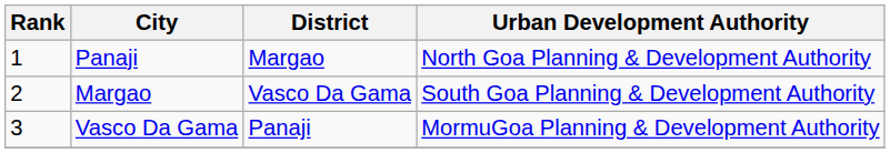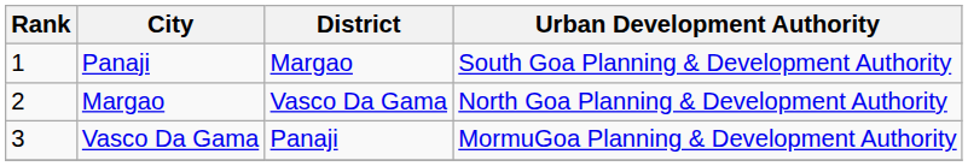 <table class="wikitable sortable">
 <tr>
 <th>Rank</th>
 <th>City</th>
 <th>District</th>
 <th>Urban Development Authority</th>
 </tr>
 <tr>
 <td>1</td>
 <td><a href='#'>Panaji</a></td>
 <td><a href='#'>Margao</a></td>
-<td><a href='#'>North Goa Planning & Development Authority</a></td>
+<td><a href='#'>South Goa Planning & Development Authority</a></td>
 </tr>
 <tr>
 <td>2</td>
 <td><a href='#'>Margao</a></td>
 <td><a href='#'>Vasco Da Gama</a></td>
-<td><a href='#'>South Goa Planning & Development Authority</a></td>
+<td><a href='#'>North Goa Planning & Development Authority</a></td>
 </tr>
 <tr>
 <td>3</td>
 <td><a href='#'>Vasco Da Gama</a></td>
 <td><a href='#'>Panaji</a></td>
 <td><a href='#'>MormuGoa Planning & Development Authority</a></td>
 </tr>
 <tr>
 </tr>
 </table>
